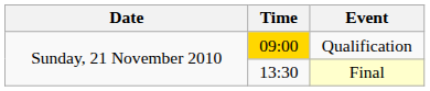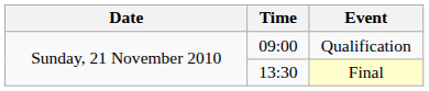 <table class = "wikitable" style="text-align:center;">
 <tr>
 <th width=220>Date</th>
 <th width=50>Time</th>
 <th width=100>Event</th>
 </tr>
 <tr>
 <td rowspan=2>Sunday, 21 November 2010</td>
-<td style="background: gold;">09:00</td>
+<td>09:00</td>
 <td>Qualification</td>
 </tr>
 <tr>
 <td>13:30</td>
 <td bgcolor=ffffcc>Final</td>
 </tr>
 </table>
